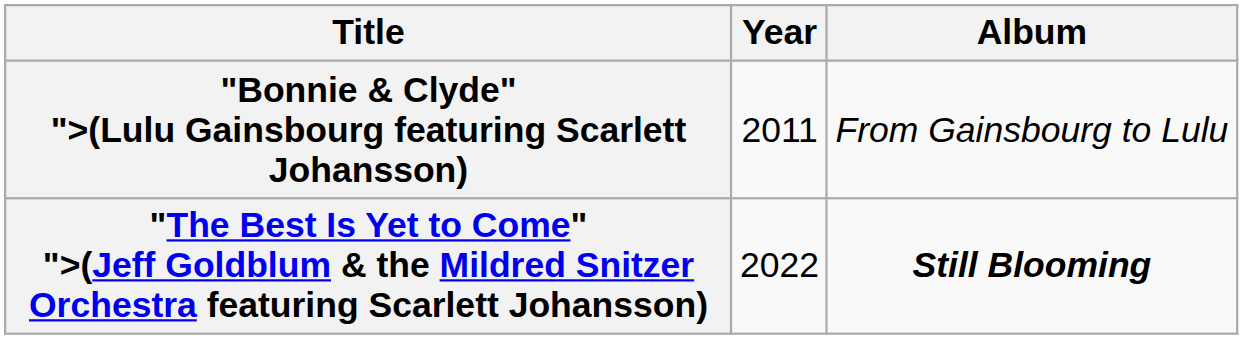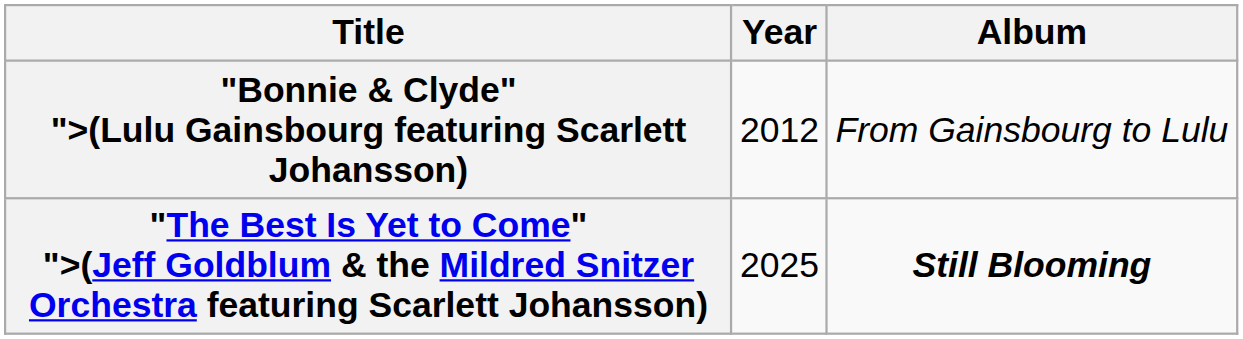 <table class="wikitable plainrowheaders" style="text-align:center;" border="1">
 <tr>
 <th scope="col" style="width:20em;">Title</th>
 <th scope="col">Year</th>
 <th scope="col">Album</th>
 </tr>
 <tr>
 <th scope="row">"Bonnie & Clyde"<br><span>">(Lulu Gainsbourg featuring Scarlett Johansson)</span></th>
-<td>2011</td>
+<td>2012</td>
 <td><em>From Gainsbourg to Lulu</em></td>
 </tr>
 <tr>
 <th scope="row">"<a href='#'>The Best Is Yet to Come</a>"<br><span>">(<a href='#'>Jeff Goldblum</a> & the <a href='#'>Mildred Snitzer Orchestra</a> featuring Scarlett Johansson)</span></th>
-<td>2022</td>
+<td>2025</td>
 <td><strong><em>Still Blooming</em></strong></td>
 </tr>
 </table>
